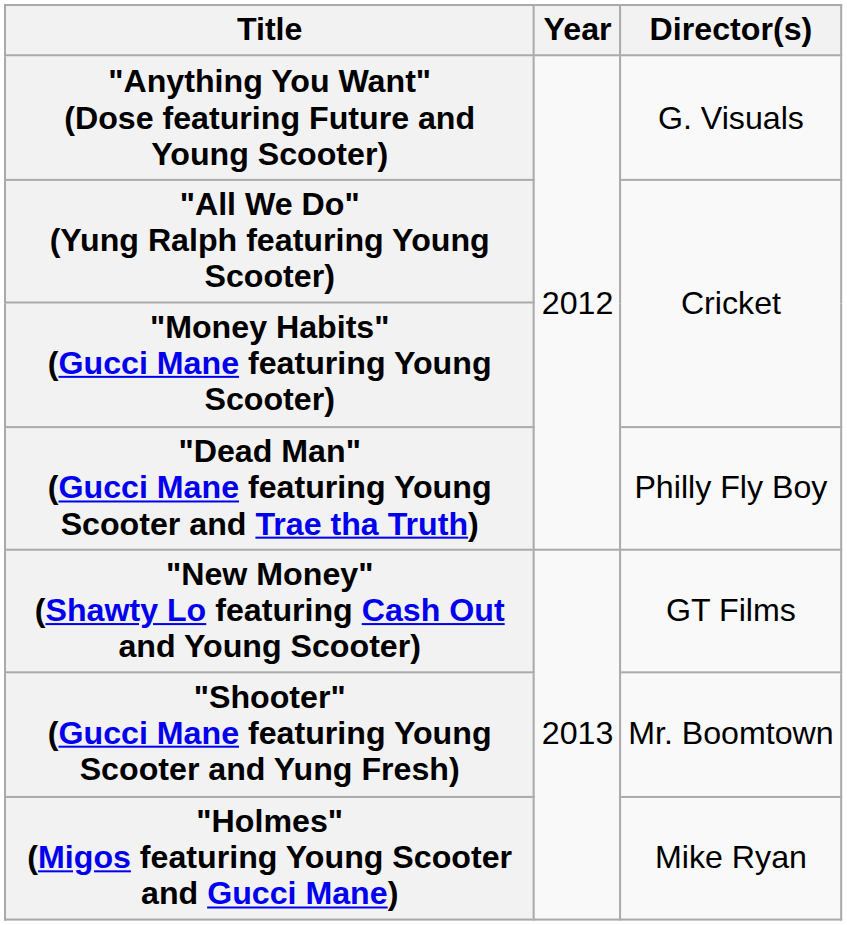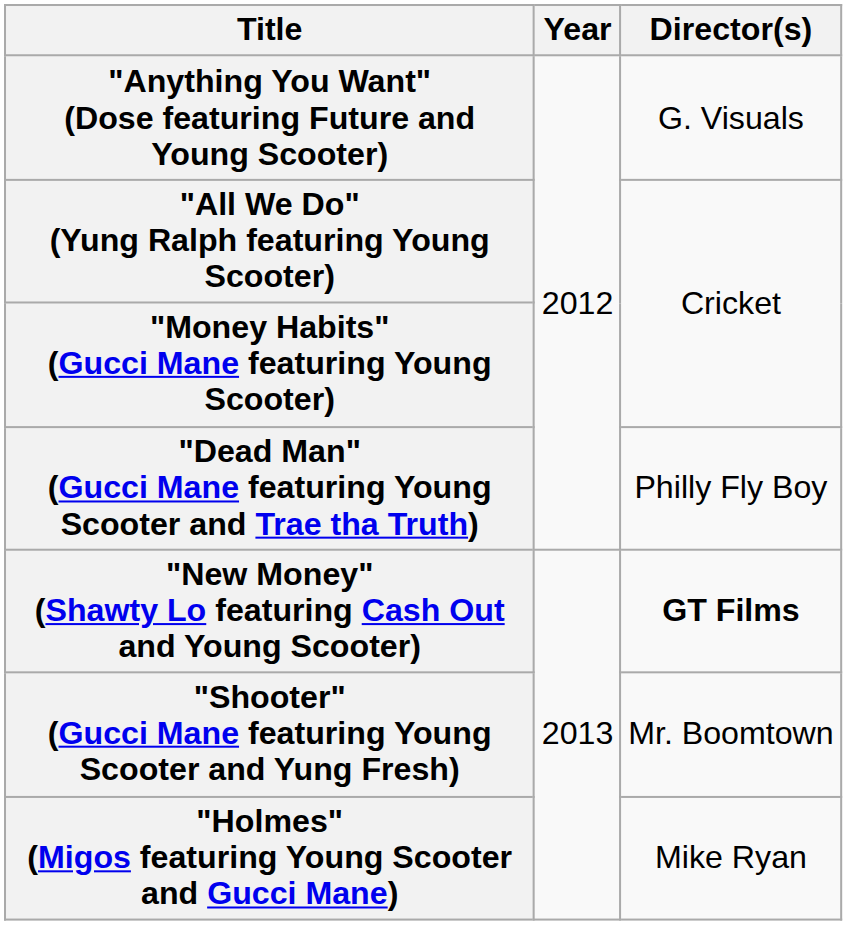 <table class="wikitable plainrowheaders" style="text-align:center;">
 <tr>
 <th scope="col" style="width:16em;">Title</th>
 <th scope="col">Year</th>
 <th scope="col">Director(s)</th>
 </tr>
 <tr>
 <th scope="row">"Anything You Want"<br><span>(Dose featuring Future and Young Scooter)</span></th>
 <td rowspan="4">2012</td>
 <td>G. Visuals</td>
 </tr>
 <tr>
 <th scope="row">"All We Do"<br><span>(Yung Ralph featuring Young Scooter)</span></th>
 <td rowspan="2">Cricket</td>
 </tr>
 <tr>
 <th scope="row">"Money Habits"<br><span>(<a href='#'>Gucci Mane</a> featuring Young Scooter)</span></th>
 </tr>
 <tr>
 <th scope="row">"Dead Man"<br><span>(<a href='#'>Gucci Mane</a> featuring Young Scooter and <a href='#'>Trae tha Truth</a>)</span></th>
 <td>Philly Fly Boy</td>
 </tr>
 <tr>
 <th scope="row">"New Money"<br><span>(<a href='#'>Shawty Lo</a> featuring <a href='#'>Cash Out</a> and Young Scooter)</span></th>
 <td rowspan="3">2013</td>
-<td>GT Films</td>
+<td><strong>GT Films</strong></td>
 </tr>
 <tr>
 <th scope="row">"Shooter"<br><span>(<a href='#'>Gucci Mane</a> featuring Young Scooter and Yung Fresh)</span></th>
 <td>Mr. Boomtown</td>
 </tr>
 <tr>
 <th scope="row">"Holmes"<br><span>(<a href='#'>Migos</a> featuring Young Scooter and <a href='#'>Gucci Mane</a>)</span></th>
 <td>Mike Ryan</td>
 </tr>
 </table>
